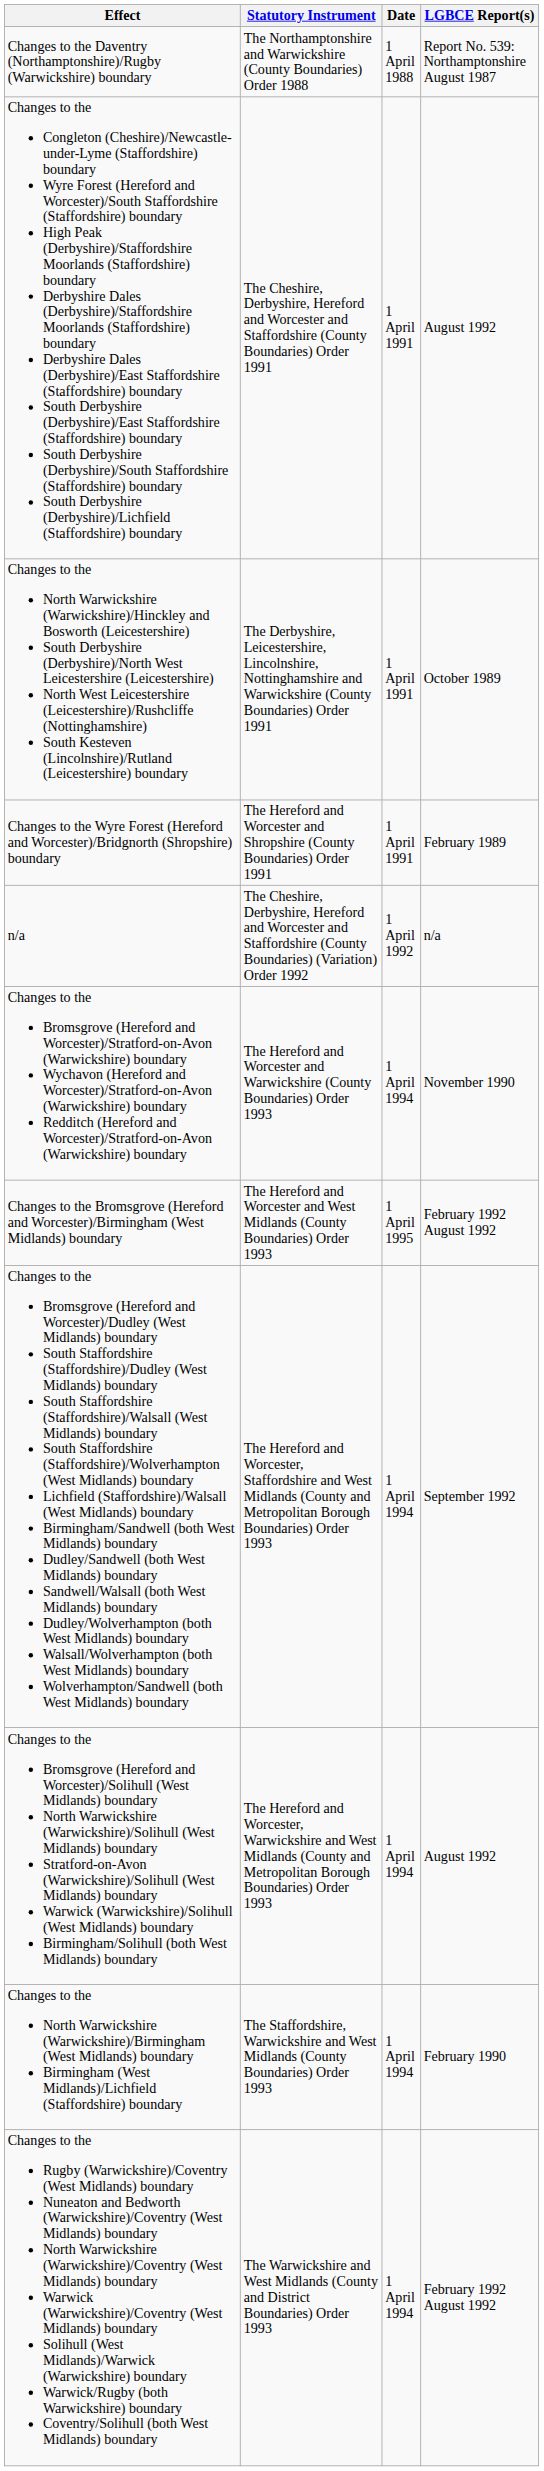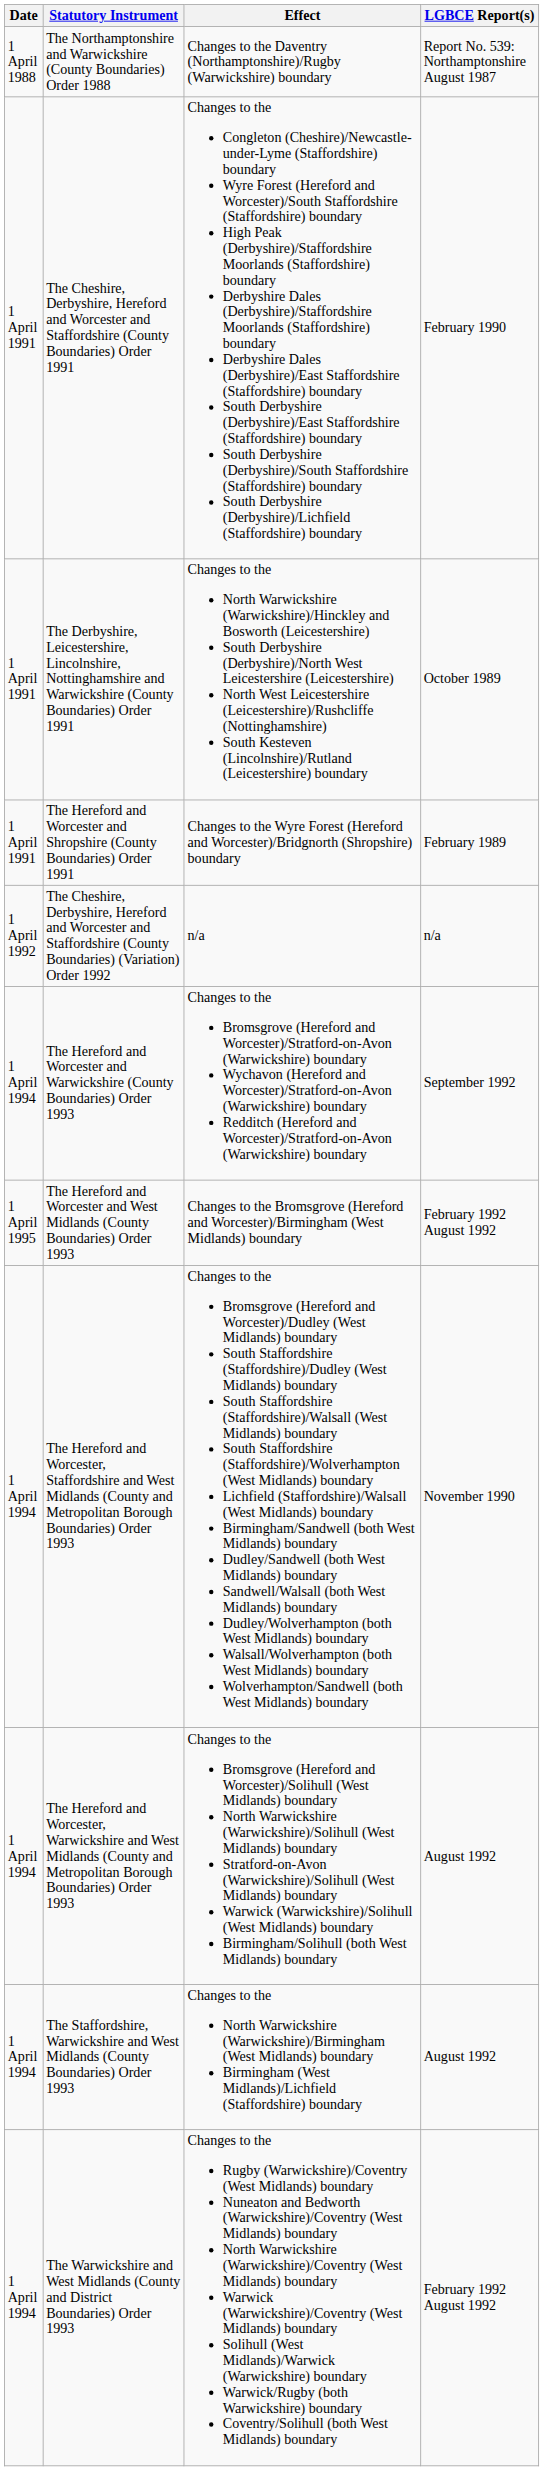 <table class="wikitable sortable">
 <tr>
+<th>Date</th>
+<th><a href='#'>Statutory Instrument</a></th>
 <th>Effect</th>
-<th><a href='#'>Statutory Instrument</a></th>
-<th>Date</th>
 <th><a href='#'>LGBCE</a> Report(s)</th>
 </tr>
 <tr>
+<td>1 April 1988</td>
+<td>The Northamptonshire and Warwickshire (County Boundaries) Order 1988</td>
 <td>Changes to the Daventry (Northamptonshire)/Rugby (Warwickshire) boundary</td>
-<td>The Northamptonshire and Warwickshire (County Boundaries) Order 1988</td>
-<td>1 April 1988</td>
 <td>Report No. 539: Northamptonshire August 1987</td>
 </tr>
 <tr>
+<td>1 April 1991</td>
+<td>The Cheshire, Derbyshire, Hereford and Worcester and Staffordshire (County Boundaries) Order 1991</td>
 <td>Changes to the<br><ul><li>Congleton (Cheshire)/Newcastle-under-Lyme (Staffordshire) boundary</li><li>Wyre Forest (Hereford and Worcester)/South Staffordshire (Staffordshire) boundary</li><li>High Peak (Derbyshire)/Staffordshire Moorlands (Staffordshire) boundary</li><li>Derbyshire Dales (Derbyshire)/Staffordshire Moorlands (Staffordshire) boundary</li><li>Derbyshire Dales (Derbyshire)/East Staffordshire (Staffordshire) boundary</li><li>South Derbyshire (Derbyshire)/East Staffordshire (Staffordshire) boundary</li><li>South Derbyshire (Derbyshire)/South Staffordshire (Staffordshire) boundary</li><li>South Derbyshire (Derbyshire)/Lichfield (Staffordshire) boundary</li></ul></td>
-<td>The Cheshire, Derbyshire, Hereford and Worcester and Staffordshire (County Boundaries) Order 1991</td>
+<td> February 1990</td>
+</tr>
+<tr>
 <td>1 April 1991</td>
+<td>The Derbyshire, Leicestershire, Lincolnshire, Nottinghamshire and Warwickshire (County Boundaries) Order 1991</td>
+<td>Changes to the<br><ul><li>North Warwickshire (Warwickshire)/Hinckley and Bosworth (Leicestershire)</li><li>South Derbyshire (Derbyshire)/North West Leicestershire (Leicestershire)</li><li>North West Leicestershire (Leicestershire)/Rushcliffe (Nottinghamshire)</li><li>South Kesteven (Lincolnshire)/Rutland (Leicestershire) boundary</li></ul></td>
+<td> October 1989</td>
+</tr>
+<tr>
+<td>1 April 1991</td>
+<td>The Hereford and Worcester and Shropshire (County Boundaries) Order 1991</td>
+<td>Changes to the Wyre Forest (Hereford and Worcester)/Bridgnorth (Shropshire) boundary</td>
+<td> February 1989</td>
+</tr>
+<tr>
+<td>1 April 1992</td>
+<td>The Cheshire, Derbyshire, Hereford and Worcester and Staffordshire (County Boundaries) (Variation) Order 1992</td>
+<td>n/a</td>
+<td>n/a</td>
+</tr>
+<tr>
+<td>1 April 1994</td>
+<td>The Hereford and Worcester and Warwickshire (County Boundaries) Order 1993</td>
+<td>Changes to the<br><ul><li>Bromsgrove (Hereford and Worcester)/Stratford-on-Avon (Warwickshire) boundary</li><li>Wychavon (Hereford and Worcester)/Stratford-on-Avon (Warwickshire) boundary</li><li>Redditch (Hereford and Worcester)/Stratford-on-Avon (Warwickshire) boundary</li></ul></td>
+<td> September 1992</td>
+</tr>
+<tr>
+<td>1 April 1995</td>
+<td>The Hereford and Worcester and West Midlands (County Boundaries) Order 1993</td>
+<td>Changes to the Bromsgrove (Hereford and Worcester)/Birmingham (West Midlands) boundary</td>
+<td> February 1992<br> August 1992</td>
+</tr>
+<tr>
+<td>1 April 1994</td>
+<td>The Hereford and Worcester, Staffordshire and West Midlands (County and Metropolitan Borough Boundaries) Order 1993</td>
+<td>Changes to the<br><ul><li>Bromsgrove (Hereford and Worcester)/Dudley (West Midlands) boundary</li><li>South Staffordshire (Staffordshire)/Dudley (West Midlands) boundary</li><li>South Staffordshire (Staffordshire)/Walsall (West Midlands) boundary</li><li>South Staffordshire (Staffordshire)/Wolverhampton (West Midlands) boundary</li><li>Lichfield (Staffordshire)/Walsall (West Midlands) boundary</li><li>Birmingham/Sandwell (both West Midlands) boundary</li><li>Dudley/Sandwell (both West Midlands) boundary</li><li>Sandwell/Walsall (both West Midlands) boundary</li><li>Dudley/Wolverhampton (both West Midlands) boundary</li><li>Walsall/Wolverhampton (both West Midlands) boundary</li><li>Wolverhampton/Sandwell (both West Midlands) boundary</li></ul></td>
+<td> November 1990</td>
+</tr>
+<tr>
+<td>1 April 1994</td>
+<td>The Hereford and Worcester, Warwickshire and West Midlands (County and Metropolitan Borough Boundaries) Order 1993</td>
+<td>Changes to the<br><ul><li>Bromsgrove (Hereford and Worcester)/Solihull (West Midlands) boundary</li><li>North Warwickshire (Warwickshire)/Solihull (West Midlands) boundary</li><li>Stratford-on-Avon (Warwickshire)/Solihull (West Midlands) boundary</li><li>Warwick (Warwickshire)/Solihull (West Midlands) boundary</li><li>Birmingham/Solihull (both West Midlands) boundary</li></ul></td>
 <td> August 1992</td>
 </tr>
 <tr>
-<td>Changes to the<br><ul><li>North Warwickshire (Warwickshire)/Hinckley and Bosworth (Leicestershire)</li><li>South Derbyshire (Derbyshire)/North West Leicestershire (Leicestershire)</li><li>North West Leicestershire (Leicestershire)/Rushcliffe (Nottinghamshire)</li><li>South Kesteven (Lincolnshire)/Rutland (Leicestershire) boundary</li></ul></td>
-<td>The Derbyshire, Leicestershire, Lincolnshire, Nottinghamshire and Warwickshire (County Boundaries) Order 1991</td>
-<td>1 April 1991</td>
-<td> October 1989</td>
-</tr>
-<tr>
-<td>Changes to the Wyre Forest (Hereford and Worcester)/Bridgnorth (Shropshire) boundary</td>
-<td>The Hereford and Worcester and Shropshire (County Boundaries) Order 1991</td>
-<td>1 April 1991</td>
-<td> February 1989</td>
-</tr>
-<tr>
-<td>n/a</td>
-<td>The Cheshire, Derbyshire, Hereford and Worcester and Staffordshire (County Boundaries) (Variation) Order 1992</td>
-<td>1 April 1992</td>
-<td>n/a</td>
-</tr>
-<tr>
-<td>Changes to the<br><ul><li>Bromsgrove (Hereford and Worcester)/Stratford-on-Avon (Warwickshire) boundary</li><li>Wychavon (Hereford and Worcester)/Stratford-on-Avon (Warwickshire) boundary</li><li>Redditch (Hereford and Worcester)/Stratford-on-Avon (Warwickshire) boundary</li></ul></td>
-<td>The Hereford and Worcester and Warwickshire (County Boundaries) Order 1993</td>
 <td>1 April 1994</td>
-<td> November 1990</td>
-</tr>
-<tr>
-<td>Changes to the Bromsgrove (Hereford and Worcester)/Birmingham (West Midlands) boundary</td>
-<td>The Hereford and Worcester and West Midlands (County Boundaries) Order 1993</td>
-<td>1 April 1995</td>
-<td> February 1992<br> August 1992</td>
-</tr>
-<tr>
-<td>Changes to the<br><ul><li>Bromsgrove (Hereford and Worcester)/Dudley (West Midlands) boundary</li><li>South Staffordshire (Staffordshire)/Dudley (West Midlands) boundary</li><li>South Staffordshire (Staffordshire)/Walsall (West Midlands) boundary</li><li>South Staffordshire (Staffordshire)/Wolverhampton (West Midlands) boundary</li><li>Lichfield (Staffordshire)/Walsall (West Midlands) boundary</li><li>Birmingham/Sandwell (both West Midlands) boundary</li><li>Dudley/Sandwell (both West Midlands) boundary</li><li>Sandwell/Walsall (both West Midlands) boundary</li><li>Dudley/Wolverhampton (both West Midlands) boundary</li><li>Walsall/Wolverhampton (both West Midlands) boundary</li><li>Wolverhampton/Sandwell (both West Midlands) boundary</li></ul></td>
-<td>The Hereford and Worcester, Staffordshire and West Midlands (County and Metropolitan Borough Boundaries) Order 1993</td>
-<td>1 April 1994</td>
-<td> September 1992</td>
-</tr>
-<tr>
-<td>Changes to the<br><ul><li>Bromsgrove (Hereford and Worcester)/Solihull (West Midlands) boundary</li><li>North Warwickshire (Warwickshire)/Solihull (West Midlands) boundary</li><li>Stratford-on-Avon (Warwickshire)/Solihull (West Midlands) boundary</li><li>Warwick (Warwickshire)/Solihull (West Midlands) boundary</li><li>Birmingham/Solihull (both West Midlands) boundary</li></ul></td>
-<td>The Hereford and Worcester, Warwickshire and West Midlands (County and Metropolitan Borough Boundaries) Order 1993</td>
-<td>1 April 1994</td>
+<td>The Staffordshire, Warwickshire and West Midlands (County Boundaries) Order 1993</td>
+<td>Changes to the<br><ul><li>North Warwickshire (Warwickshire)/Birmingham (West Midlands) boundary</li><li>Birmingham (West Midlands)/Lichfield (Staffordshire) boundary</li></ul></td>
 <td> August 1992</td>
 </tr>
 <tr>
-<td>Changes to the<br><ul><li>North Warwickshire (Warwickshire)/Birmingham (West Midlands) boundary</li><li>Birmingham (West Midlands)/Lichfield (Staffordshire) boundary</li></ul></td>
-<td>The Staffordshire, Warwickshire and West Midlands (County Boundaries) Order 1993</td>
 <td>1 April 1994</td>
-<td> February 1990</td>
-</tr>
-<tr>
+<td>The Warwickshire and West Midlands (County and District Boundaries) Order 1993</td>
 <td>Changes to the<br><ul><li>Rugby (Warwickshire)/Coventry (West Midlands) boundary</li><li>Nuneaton and Bedworth (Warwickshire)/Coventry (West Midlands) boundary</li><li>North Warwickshire (Warwickshire)/Coventry (West Midlands) boundary</li><li>Warwick (Warwickshire)/Coventry (West Midlands) boundary</li><li>Solihull (West Midlands)/Warwick (Warwickshire) boundary</li><li>Warwick/Rugby (both Warwickshire) boundary</li><li>Coventry/Solihull (both West Midlands) boundary</li></ul></td>
-<td>The Warwickshire and West Midlands (County and District Boundaries) Order 1993</td>
-<td>1 April 1994</td>
 <td> February 1992<br> August 1992</td>
 </tr>
 </table>
